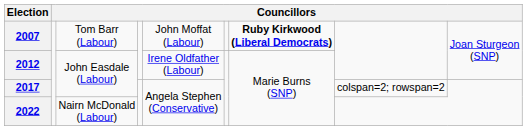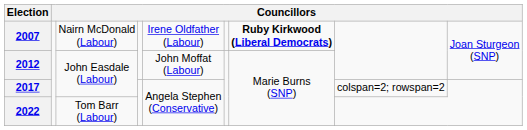 <table class="wikitable" style="text-align:center">
 <tr>
 <th>Election</th>
 <th colspan=8>Councillors</th>
 </tr>
 <tr>
 <th><a href='#'>2007</a></th>
 <td rowspan=4; style="background-color: "></td>
-<td rowspan=1>Tom Barr<br>(<a href='#'>Labour</a>)</td>
+<td rowspan=1>Nairn McDonald<br>(<a href='#'>Labour</a>)</td>
 <td rowspan=2; style="background-color: "></td>
-<td rowspan=1>John Moffat<br>(<a href='#'>Labour</a>)</td>
+<td rowspan=1><a href='#'>Irene Oldfather</a><br>(<a href='#'>Labour</a>)</td>
 <td rowspan=1; style="background-color: "></td>
 <td rowspan=1><strong>Ruby Kirkwood<br>(<a href='#'>Liberal Democrats</a>)</strong></td>
 <td rowspan=2; style="background-color: "></td>
 <td rowspan=2><a href='#'>Joan Sturgeon</a><br>(<a href='#'>SNP</a>)</td>
 </tr>
 <tr>
 <th><a href='#'>2012</a></th>
 <td rowspan=2>John Easdale<br>(<a href='#'>Labour</a>)</td>
-<td rowspan=1><a href='#'>Irene Oldfather</a><br>(<a href='#'>Labour</a>)</td>
+<td rowspan=1>John Moffat<br>(<a href='#'>Labour</a>)</td>
 <td rowspan=3; style="background-color: "></td>
 <td rowspan=3>Marie Burns<br>(<a href='#'>SNP</a>)</td>
 </tr>
 <tr>
 <th><a href='#'>2017</a></th>
 <td rowspan=2; style="background-color: "></td>
 <td rowspan=2>Angela Stephen<br>(<a href='#'>Conservative</a>)</td>
 <td>colspan=2; rowspan=2 </td>
 </tr>
 <tr>
 <th><a href='#'>2022</a></th>
-<td rowspan=1>Nairn McDonald<br>(<a href='#'>Labour</a>)</td>
+<td rowspan=1>Tom Barr<br>(<a href='#'>Labour</a>)</td>
 </tr>
 </table>
